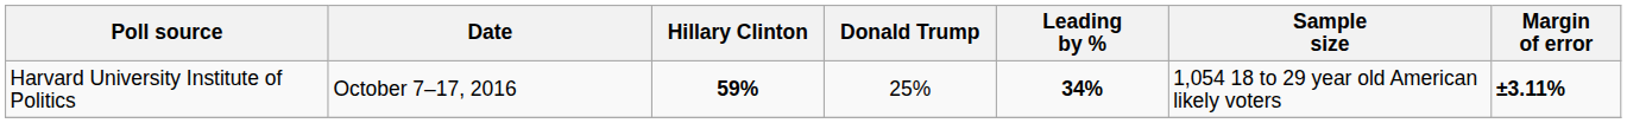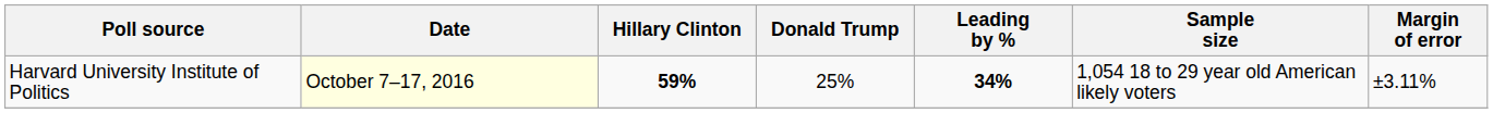 <table class="wikitable sortable">
 <tr style="background:lightgrey;">
 <th width="20%">Poll source</th>
 <th width="20%">Date</th>
 <th width="10.66%">Hillary Clinton<br><small></small></th>
 <th width="10.66%">Donald Trump<br><small></small></th>
 <th width="10.66%">Leading<br>by %</th>
 <th width="20%">Sample<br>size</th>
 <th width="8%">Margin<br>of error</th>
 </tr>
 <tr>
 <td>Harvard University Institute of Politics</td>
-<td>October 7–17, 2016</td>
+<td style="background: lightyellow;">October 7–17, 2016</td>
 <td align="center" ><strong>59%</strong></td>
 <td align="center">25%</td>
 <td align="center" ><strong>34%</strong></td>
 <td>1,054 18 to 29 year old American likely voters</td>
-<td><strong>±3.11%</strong></td>
+<td>±3.11%</td>
 </tr>
 <tr>
 </tr>
 </table>
